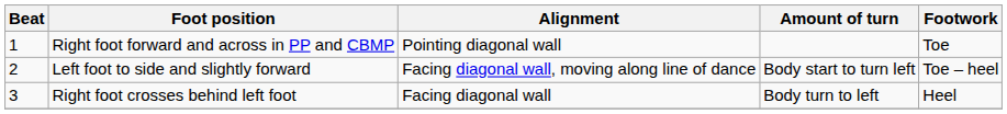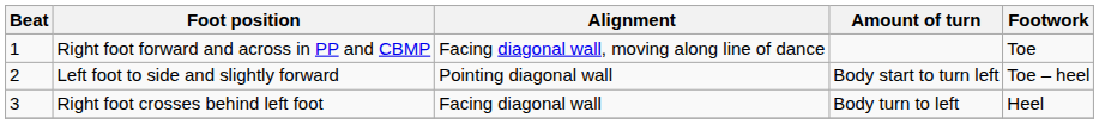 <table class="wikitable" style="font-size:90%;">
 <tr>
 <th>Beat</th>
 <th>Foot position</th>
 <th>Alignment</th>
 <th>Amount of turn</th>
 <th>Footwork</th>
 </tr>
 <tr>
 <td>1</td>
 <td>Right foot forward and across in <a href='#'>PP</a> and <a href='#'>CBMP</a></td>
-<td>Pointing diagonal wall</td>
+<td>Facing <a href='#'>diagonal wall</a>, moving along line of dance</td>
 <td></td>
 <td>Toe</td>
 </tr>
 <tr>
 <td>2</td>
 <td>Left foot to side and slightly forward</td>
-<td>Facing <a href='#'>diagonal wall</a>, moving along line of dance</td>
+<td>Pointing diagonal wall</td>
 <td>Body start to turn left</td>
 <td>Toe – heel</td>
 </tr>
 <tr>
 <td>3</td>
 <td>Right foot crosses behind left foot</td>
 <td>Facing diagonal wall</td>
 <td>Body turn to left</td>
 <td>Heel</td>
 </tr>
 <tr>
 </tr>
 </table>
